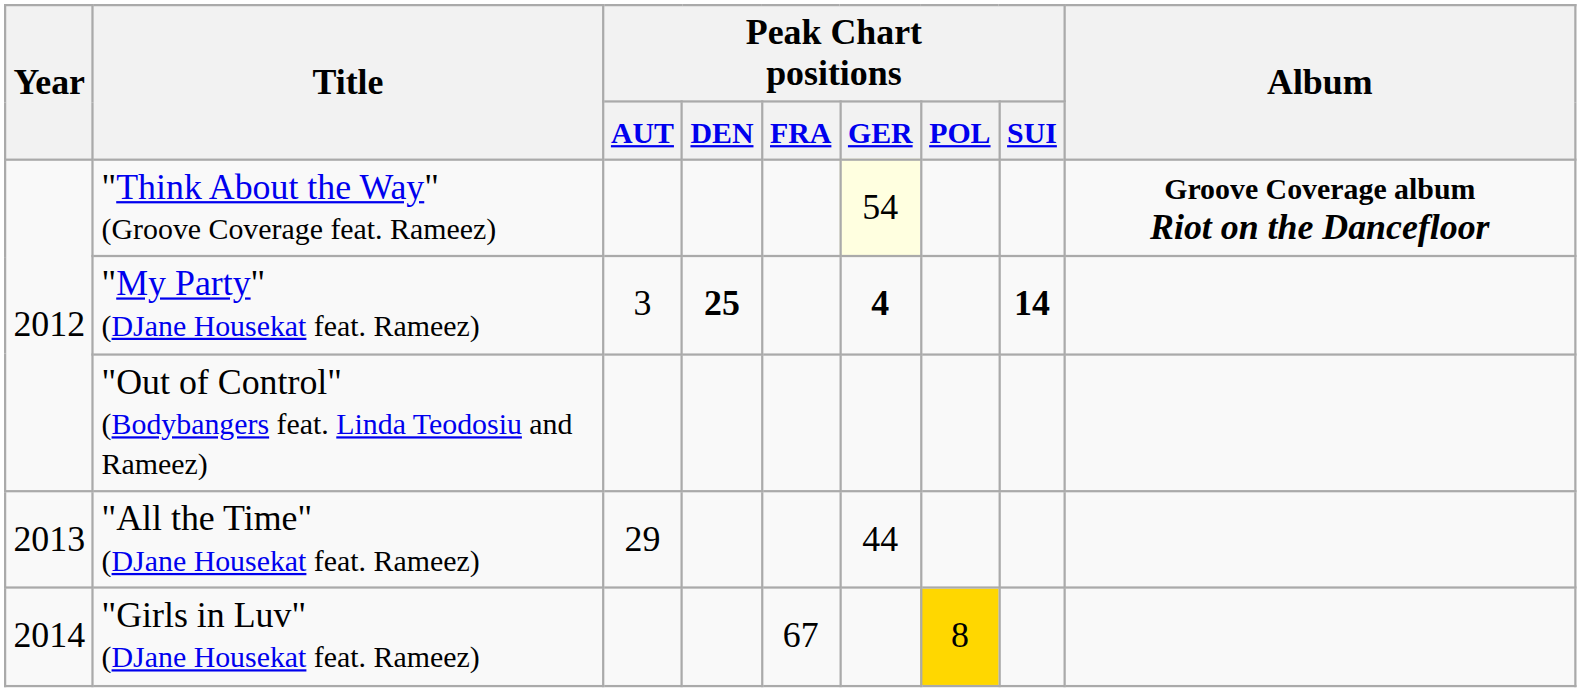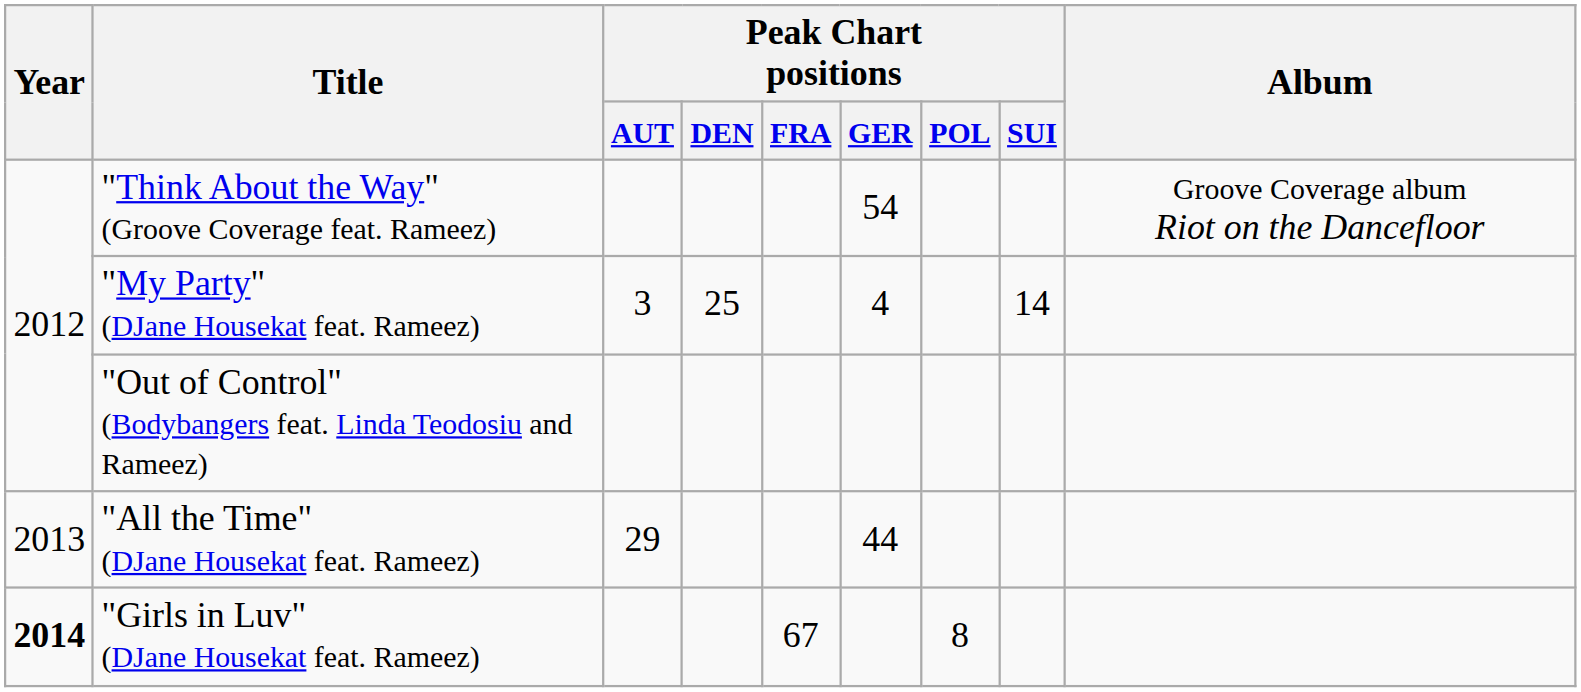 <table class="wikitable">
 <tr style="background: #eeeeee;">
 <th style="width: 20px;" rowspan="2">Year</th>
 <th style="width: 220px;" rowspan="2">Title</th>
 <th colspan="6">Peak Chart <br>positions</th>
 <th style="width: 220px;" rowspan="2">Album</th>
 </tr>
 <tr style="background: #eeeeee;">
 <th style="width: 20px;"><small><a href='#'>AUT</a></small></th>
 <th style="width: 20px;"><small><a href='#'>DEN</a><br></small></th>
 <th style="width: 20px;"><small><a href='#'>FRA</a><br></small></th>
 <th style="width: 20px;"><small><a href='#'>GER</a><br></small></th>
 <th style="width: 20px;"><small><a href='#'>POL</a><br></small></th>
 <th style="width: 20px;"><small><a href='#'>SUI</a><br></small></th>
 </tr>
 <tr>
 <td rowspan=3>2012</td>
 <td>"<a href='#'>Think About the Way</a>" <br><small>(Groove Coverage feat. Rameez)</small></td>
 <td align="center"></td>
 <td align="center"></td>
 <td align="center"></td>
-<td align="center" style="background: lightyellow;">54</td>
+<td align="center">54</td>
 <td align="center"></td>
 <td align="center"></td>
-<td align="center"><strong><small>Groove Coverage album</small><br> <em>Riot on the Dancefloor</em></strong></td>
+<td align="center"><small>Groove Coverage album</small><br> <em>Riot on the Dancefloor</em></td>
 </tr>
 <tr>
 <td>"<a href='#'>My Party</a>" <br><small>(<a href='#'>DJane Housekat</a> feat. Rameez)</small></td>
 <td align="center">3</td>
-<td align="center"><strong>25</strong></td>
+<td align="center">25</td>
 <td align="center"></td>
-<td align="center"><strong>4</strong></td>
+<td align="center">4</td>
 <td align="center"></td>
-<td align="center"><strong>14</strong></td>
+<td align="center">14</td>
 <td align="center"></td>
 </tr>
 <tr>
 <td>"Out of Control" <br><small>(<a href='#'>Bodybangers</a> feat. <a href='#'>Linda Teodosiu</a> and Rameez)</small></td>
 <td align="center"></td>
 <td align="center"></td>
 <td align="center"></td>
 <td align="center"></td>
 <td align="center"></td>
 <td align="center"></td>
 <td align="center"></td>
 </tr>
 <tr>
 <td rowspan=1>2013</td>
 <td>"All the Time" <br><small>(<a href='#'>DJane Housekat</a> feat. Rameez)</small></td>
 <td align="center">29</td>
 <td align="center"></td>
 <td align="center"></td>
 <td align="center">44</td>
 <td align="center"></td>
 <td align="center"></td>
 <td align="center"></td>
 </tr>
 <tr>
-<td rowspan=1>2014</td>
+<td rowspan=1><strong>2014</strong></td>
 <td>"Girls in Luv" <br><small>(<a href='#'>DJane Housekat</a> feat. Rameez)</small></td>
 <td align="center"></td>
 <td align="center"></td>
 <td align="center">67</td>
 <td align="center"></td>
-<td align="center" style="background: gold;">8</td>
+<td align="center">8</td>
 <td align="center"></td>
 <td align="center"></td>
 </tr>
 </table>
